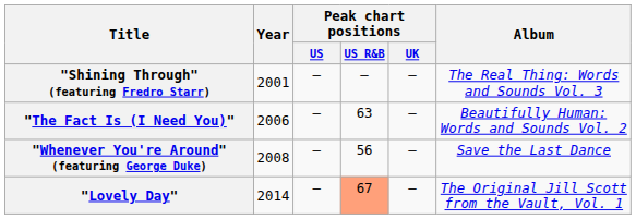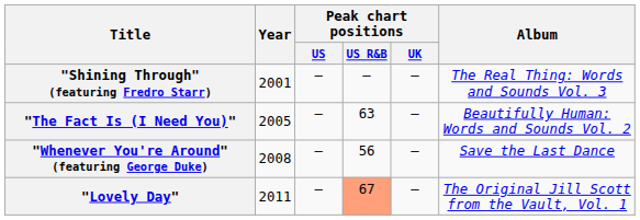 <table class="wikitable plainrowheaders" style="text-align:center;" border="1">
 <tr>
 <th scope="col" rowspan="2" style="width:18em;">Title</th>
 <th scope="col" rowspan="2">Year</th>
 <th scope="col" colspan="3">Peak chart positions</th>
 <th scope="col" rowspan="2" style="width:14em;">Album</th>
 </tr>
 <tr>
 <th width="40"><small><a href='#'>US</a></small><br></th>
 <th width="40"><small><a href='#'>US R&B</a></small><br></th>
 <th width="40"><small><a href='#'>UK</a></small><br></th>
 </tr>
 <tr>
 <th scope="row">"Shining Through" <br> <small>(featuring <a href='#'>Fredro Starr</a>)</small></th>
 <td style="text-align:center;">2001</td>
 <td style="text-align:center; vertical-align:top;">—</td>
 <td style="text-align:center; vertical-align:top;">—</td>
 <td style="text-align:center; vertical-align:top;">—</td>
 <td style="text-align:center;"><em><a href='#'>The Real Thing: Words and Sounds Vol. 3</a></em></td>
 </tr>
 <tr>
 <th scope="row">"<a href='#'>The Fact Is (I Need You)</a>"</th>
-<td style="text-align:center;">2006</td>
+<td style="text-align:center;">2005</td>
 <td style="text-align:center; vertical-align:top;">—</td>
 <td style="text-align:center; vertical-align:top;">63</td>
 <td style="text-align:center; vertical-align:top;">—</td>
 <td style="text-align:center;"><em><a href='#'>Beautifully Human: Words and Sounds Vol. 2</a></em></td>
 </tr>
 <tr>
 <th scope="row">"<a href='#'>Whenever You're Around</a>" <br><small>(featuring <a href='#'>George Duke</a>)</small></th>
 <td style="text-align:center;">2008</td>
 <td style="text-align:center; vertical-align:top;">—</td>
 <td style="text-align:center; vertical-align:top;">56</td>
 <td style="text-align:center; vertical-align:top;">—</td>
 <td style="text-align:center; vertical-align:top;"><em><a href='#'>Save the Last Dance</a></em></td>
 </tr>
 <tr>
 <th scope="row">"<a href='#'>Lovely Day</a>"</th>
-<td style="text-align:center;">2014</td>
+<td style="text-align:center;">2011</td>
 <td style="text-align:center; vertical-align:top;">—</td>
 <td style="background: lightsalmon; text-align:center; vertical-align:top;">67</td>
 <td style="text-align:center; vertical-align:top;">—</td>
 <td style="text-align:center;"><em><a href='#'>The Original Jill Scott from the Vault, Vol. 1</a></em></td>
 </tr>
 </table>
